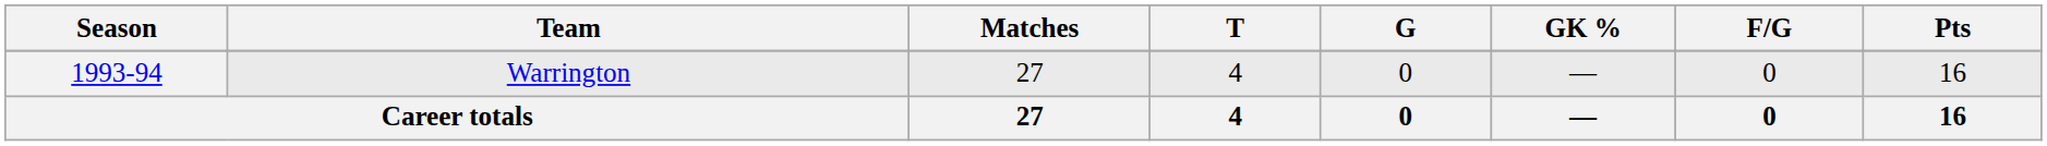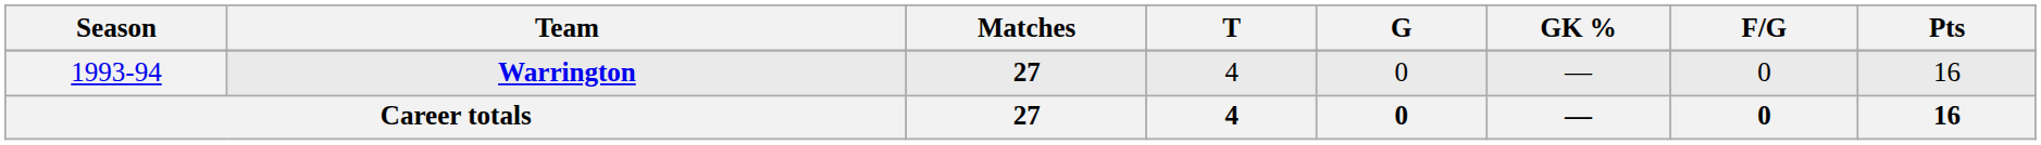 <table class="wikitable sortable"  style="font-size:90%; text-align:center; width:85%;">
 <tr>
 <th width=2%>Season</th>
 <th width=8%>Team</th>
 <th width=2%>Matches</th>
 <th width=2%>T</th>
 <th width=2%>G</th>
 <th width=2%>GK %</th>
 <th width=2%>F/G</th>
 <th width=2%>Pts</th>
 </tr>
 <tr>
 </tr>
 <tr style="background-color: #EAEAEA">
 <th scope="row" style="text-align:center; font-weight:normal"><a href='#'>1993-94</a></th>
-<td style="text-align:center;"> <a href='#'>Warrington</a></td>
-<td>27</td>
+<td style="text-align:center;"><strong> <a href='#'>Warrington</a></strong></td>
+<td><strong>27</strong></td>
 <td>4</td>
 <td>0</td>
 <td>—</td>
 <td>0</td>
 <td>16</td>
 </tr>
 <tr class="sortbottom">
 <th colspan=2>Career totals</th>
 <th>27</th>
 <th>4</th>
 <th>0</th>
 <th>—</th>
 <th>0</th>
 <th>16</th>
 </tr>
 </table>
